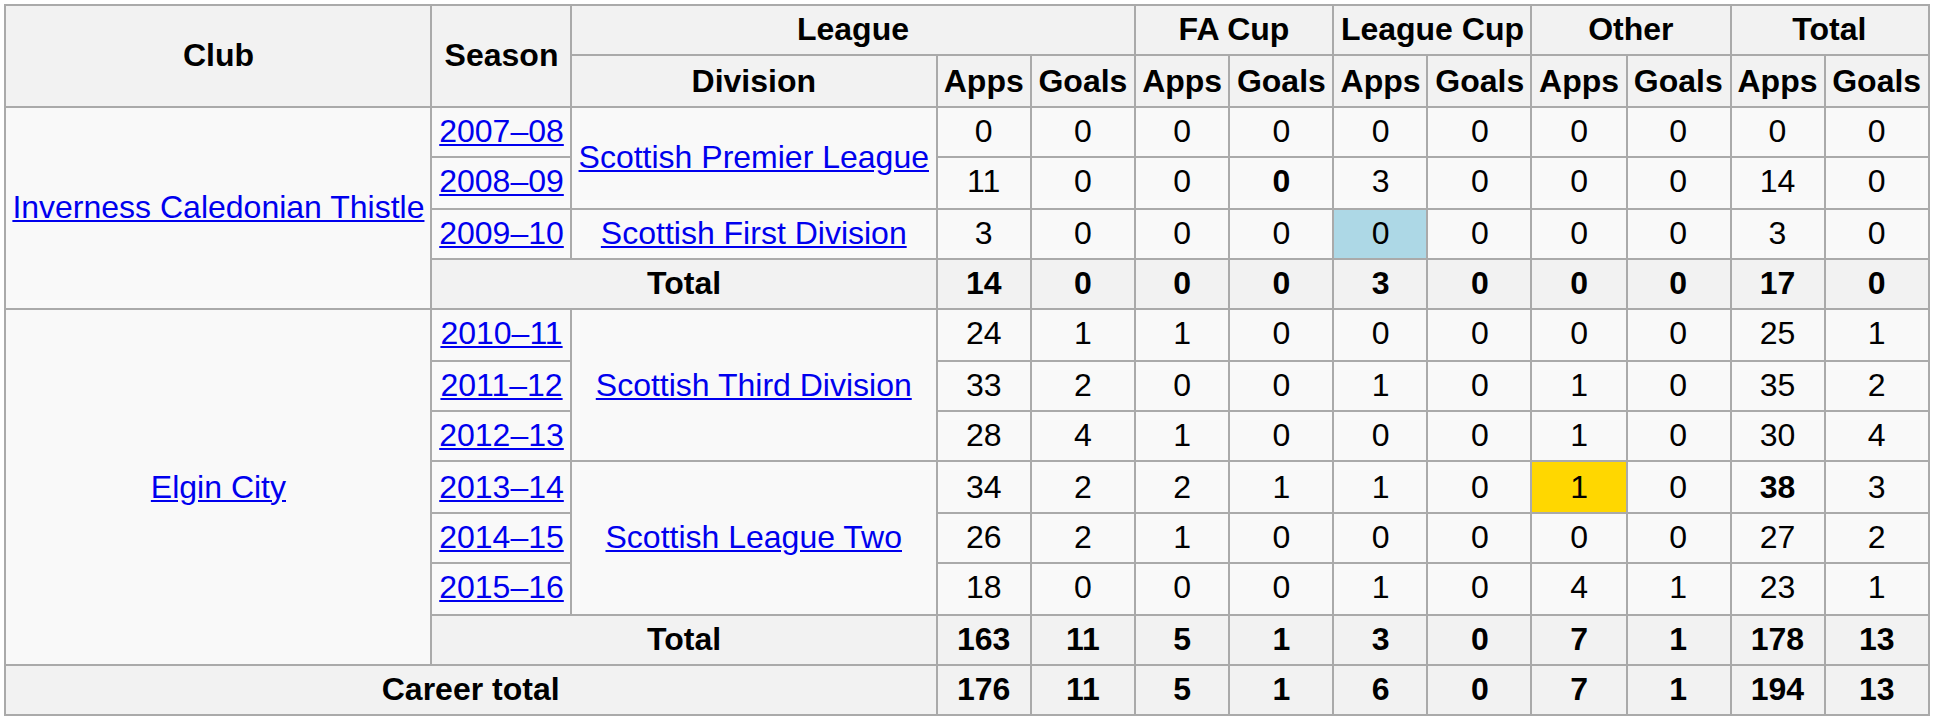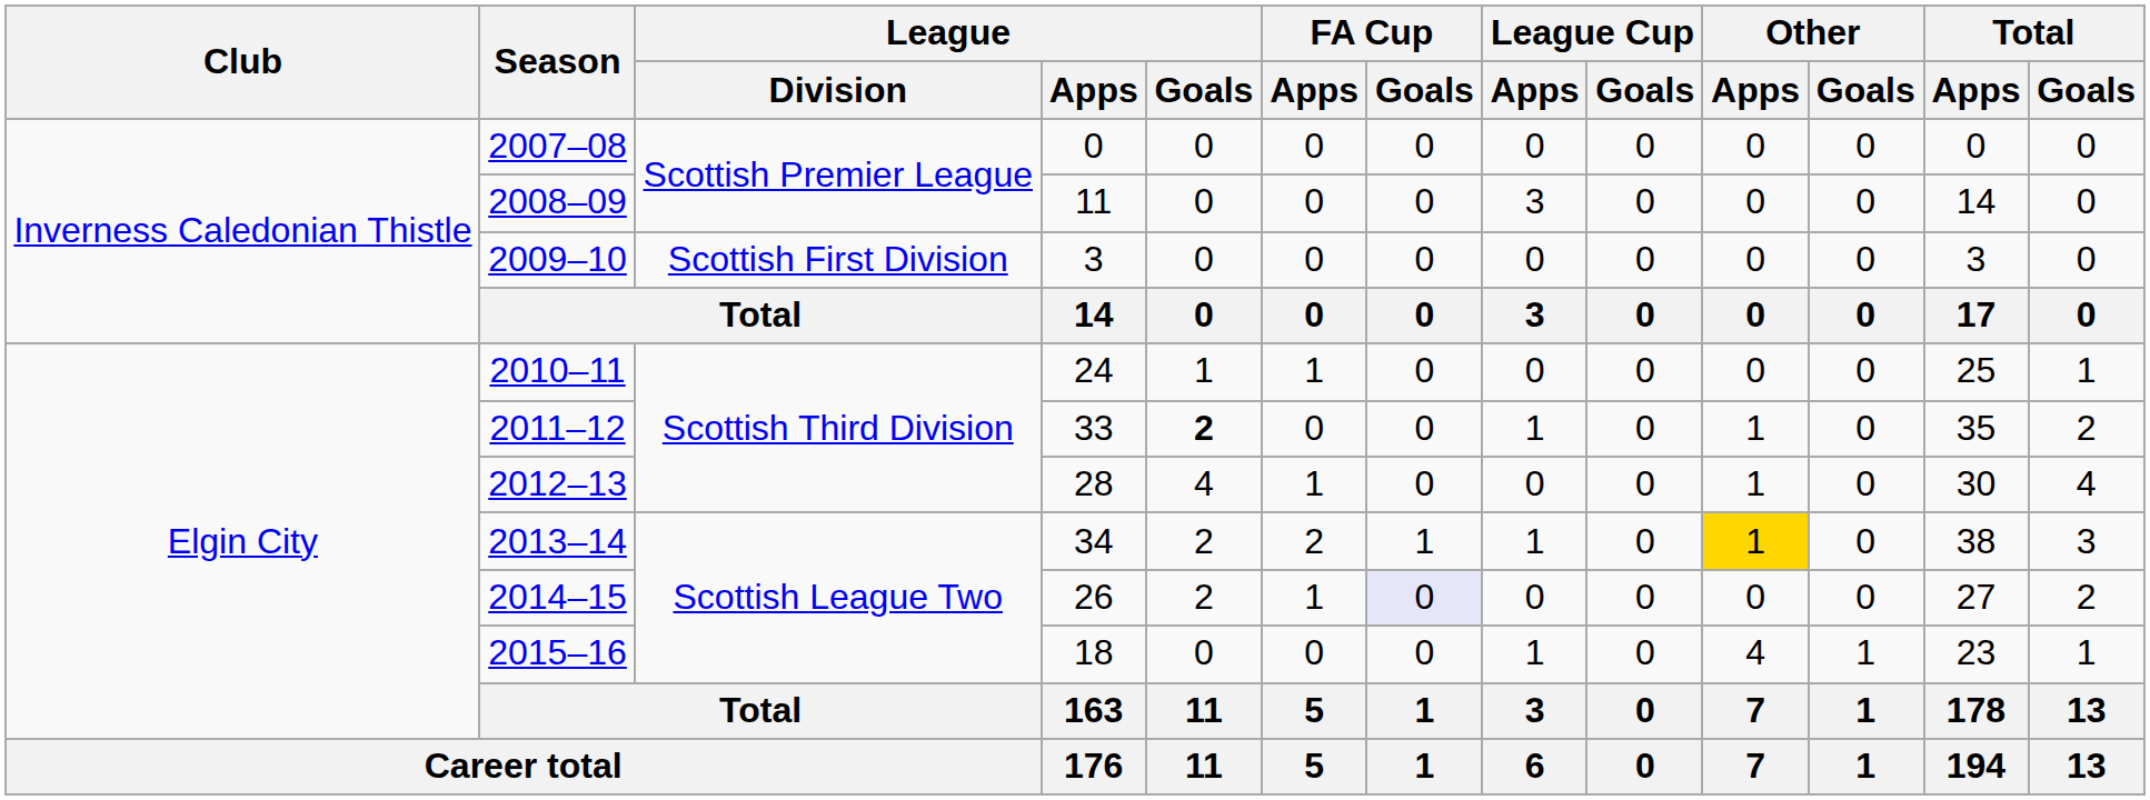 <table class="wikitable" style="text-align: center;">
 <tr>
 <th rowspan="2">Club</th>
 <th rowspan="2">Season</th>
 <th colspan="3">League</th>
 <th colspan="2">FA Cup</th>
 <th colspan="2">League Cup</th>
 <th colspan="2">Other</th>
 <th colspan="2">Total</th>
 </tr>
 <tr>
 <th>Division</th>
 <th>Apps</th>
 <th>Goals</th>
 <th>Apps</th>
 <th>Goals</th>
 <th>Apps</th>
 <th>Goals</th>
 <th>Apps</th>
 <th>Goals</th>
 <th>Apps</th>
 <th>Goals</th>
 </tr>
 <tr>
 <td rowspan="4" valign="center"><a href='#'>Inverness Caledonian Thistle</a></td>
 <td><a href='#'>2007–08</a></td>
 <td rowspan="2" valign="center"><a href='#'>Scottish Premier League</a></td>
 <td>0</td>
 <td>0</td>
 <td>0</td>
 <td>0</td>
 <td>0</td>
 <td>0</td>
 <td>0</td>
 <td>0</td>
 <td>0</td>
 <td>0</td>
 </tr>
 <tr>
 <td><a href='#'>2008–09</a></td>
 <td>11</td>
 <td>0</td>
 <td>0</td>
-<td><strong>0</strong></td>
+<td>0</td>
 <td>3</td>
 <td>0</td>
 <td>0</td>
 <td>0</td>
 <td>14</td>
 <td>0</td>
 </tr>
 <tr>
 <td><a href='#'>2009–10</a></td>
 <td><a href='#'>Scottish First Division</a></td>
 <td>3</td>
 <td>0</td>
 <td>0</td>
 <td>0</td>
-<td style="background: lightblue;">0</td>
+<td>0</td>
 <td>0</td>
 <td>0</td>
 <td>0</td>
 <td>3</td>
 <td>0</td>
 </tr>
 <tr>
 <th colspan="2">Total</th>
 <th>14</th>
 <th>0</th>
 <th>0</th>
 <th>0</th>
 <th>3</th>
 <th>0</th>
 <th>0</th>
 <th>0</th>
 <th>17</th>
 <th>0</th>
 </tr>
 <tr>
 <td rowspan="7" valign="center"><a href='#'>Elgin City</a></td>
 <td><a href='#'>2010–11</a></td>
 <td rowspan="3" valign="center"><a href='#'>Scottish Third Division</a></td>
 <td>24</td>
 <td>1</td>
 <td>1</td>
 <td>0</td>
 <td>0</td>
 <td>0</td>
 <td>0</td>
 <td>0</td>
 <td>25</td>
 <td>1</td>
 </tr>
 <tr>
 <td><a href='#'>2011–12</a></td>
 <td>33</td>
-<td>2</td>
+<td><strong>2</strong></td>
 <td>0</td>
 <td>0</td>
 <td>1</td>
 <td>0</td>
 <td>1</td>
 <td>0</td>
 <td>35</td>
 <td>2</td>
 </tr>
 <tr>
 <td><a href='#'>2012–13</a></td>
 <td>28</td>
 <td>4</td>
 <td>1</td>
 <td>0</td>
 <td>0</td>
 <td>0</td>
 <td>1</td>
 <td>0</td>
 <td>30</td>
 <td>4</td>
 </tr>
 <tr>
 <td><a href='#'>2013–14</a></td>
 <td rowspan="3" valign="center"><a href='#'>Scottish League Two</a></td>
 <td>34</td>
 <td>2</td>
 <td>2</td>
 <td>1</td>
 <td>1</td>
 <td>0</td>
 <td style="background: gold;">1</td>
 <td>0</td>
-<td><strong>38</strong></td>
+<td>38</td>
 <td>3</td>
 </tr>
 <tr>
 <td><a href='#'>2014–15</a></td>
 <td>26</td>
 <td>2</td>
 <td>1</td>
-<td>0</td>
+<td style="background: lavender;">0</td>
 <td>0</td>
 <td>0</td>
 <td>0</td>
 <td>0</td>
 <td>27</td>
 <td>2</td>
 </tr>
 <tr>
 <td><a href='#'>2015–16</a></td>
 <td>18</td>
 <td>0</td>
 <td>0</td>
 <td>0</td>
 <td>1</td>
 <td>0</td>
 <td>4</td>
 <td>1</td>
 <td>23</td>
 <td>1</td>
 </tr>
 <tr>
 <th colspan="2">Total</th>
 <th>163</th>
 <th>11</th>
 <th>5</th>
 <th>1</th>
 <th>3</th>
 <th>0</th>
 <th>7</th>
 <th>1</th>
 <th>178</th>
 <th>13</th>
 </tr>
 <tr>
 <th colspan="3">Career total</th>
 <th>176</th>
 <th>11</th>
 <th>5</th>
 <th>1</th>
 <th>6</th>
 <th>0</th>
 <th>7</th>
 <th>1</th>
 <th>194</th>
 <th>13</th>
 </tr>
 </table>
